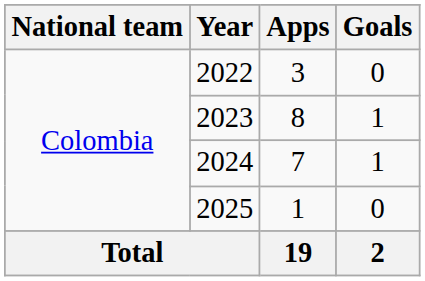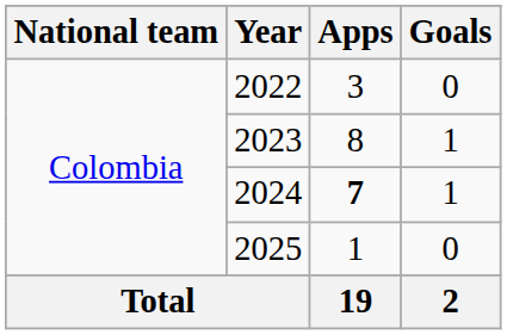 <table class=wikitable style=text-align:center>
 <tr>
 <th>National team</th>
 <th>Year</th>
 <th>Apps</th>
 <th>Goals</th>
 </tr>
 <tr>
 <td rowspan=4><a href='#'>Colombia</a></td>
 <td>2022</td>
 <td>3</td>
 <td>0</td>
 </tr>
 <tr>
 <td>2023</td>
 <td>8</td>
 <td>1</td>
 </tr>
 <tr>
 <td>2024</td>
-<td>7</td>
+<td><strong>7</strong></td>
 <td>1</td>
 </tr>
 <tr>
 <td>2025</td>
 <td>1</td>
 <td>0</td>
 </tr>
 <tr>
 <th colspan=2>Total</th>
 <th>19</th>
 <th>2</th>
 </tr>
 </table>
